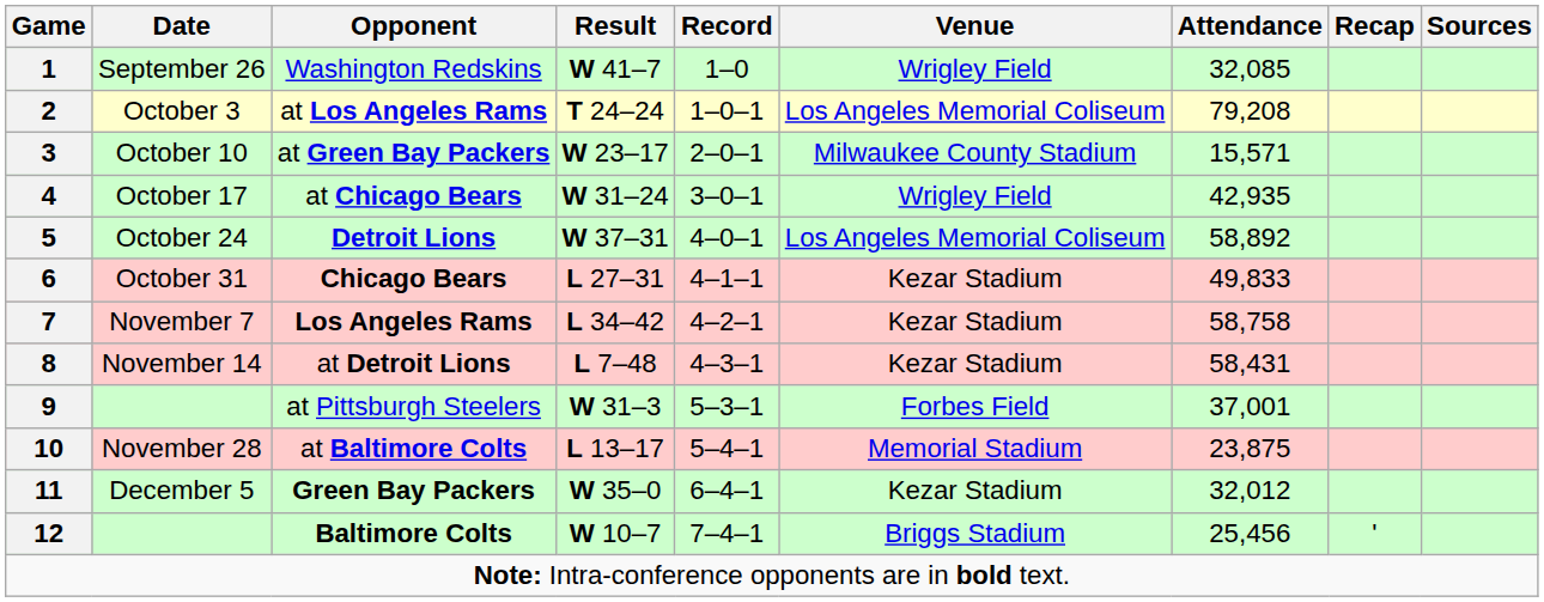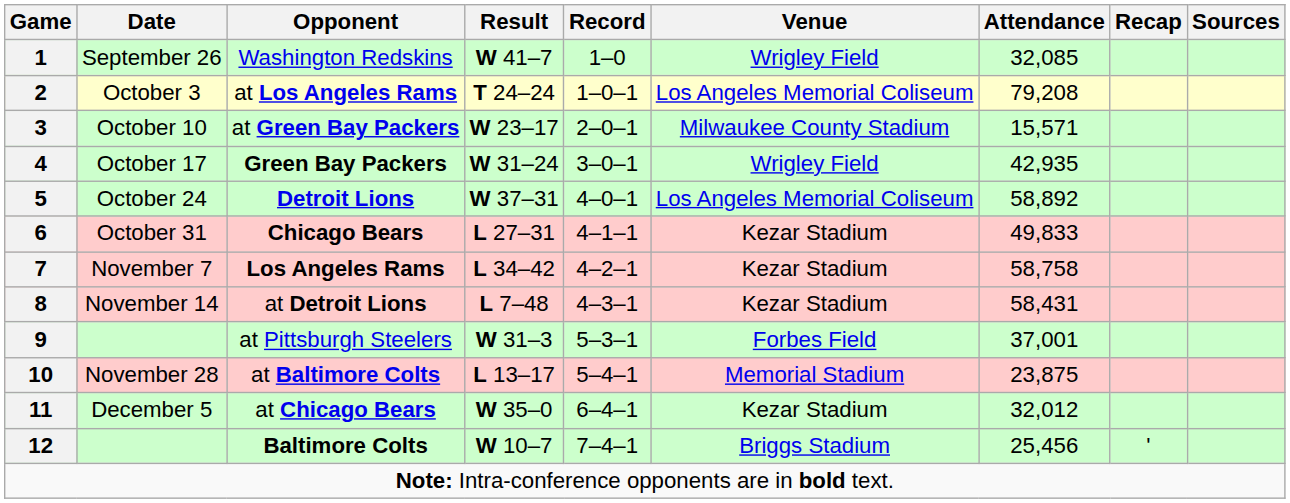 <table class="wikitable" style="text-align:center">
 <tr>
 <th>Game</th>
 <th>Date</th>
 <th>Opponent</th>
 <th>Result</th>
 <th>Record</th>
 <th>Venue</th>
 <th>Attendance</th>
 <th>Recap</th>
 <th>Sources</th>
 </tr>
 <tr style="background:#cfc">
 <th>1</th>
 <td>September 26</td>
 <td><a href='#'>Washington Redskins</a></td>
 <td><strong>W</strong> 41–7</td>
 <td>1–0</td>
 <td><a href='#'>Wrigley Field</a></td>
 <td>32,085</td>
 <td></td>
 <td></td>
 </tr>
 <tr style="background:#ffc">
 <th>2</th>
 <td>October 3</td>
 <td>at <strong><a href='#'>Los Angeles Rams</a></strong></td>
 <td><strong>T</strong> 24–24</td>
 <td>1–0–1</td>
 <td><a href='#'>Los Angeles Memorial Coliseum</a></td>
 <td>79,208</td>
 <td></td>
 <td></td>
 </tr>
 <tr style="background:#cfc">
 <th>3</th>
 <td>October 10</td>
 <td>at <strong><a href='#'>Green Bay Packers</a></strong></td>
 <td><strong>W</strong> 23–17</td>
 <td>2–0–1</td>
 <td><a href='#'>Milwaukee County Stadium</a></td>
 <td>15,571</td>
 <td></td>
 <td></td>
 </tr>
 <tr style="background:#cfc">
 <th>4</th>
 <td>October 17</td>
-<td>at <strong><a href='#'>Chicago Bears</a></strong></td>
+<td><strong>Green Bay Packers</strong></td>
 <td><strong>W</strong> 31–24</td>
 <td>3–0–1</td>
 <td><a href='#'>Wrigley Field</a></td>
 <td>42,935</td>
 <td></td>
 <td></td>
 </tr>
 <tr style="background:#cfc">
 <th>5</th>
 <td>October 24</td>
 <td><strong><a href='#'>Detroit Lions</a></strong></td>
 <td><strong>W</strong> 37–31</td>
 <td>4–0–1</td>
 <td><a href='#'>Los Angeles Memorial Coliseum</a></td>
 <td>58,892</td>
 <td></td>
 <td></td>
 </tr>
 <tr style="background:#fcc">
 <th>6</th>
 <td>October 31</td>
 <td><strong>Chicago Bears</strong></td>
 <td><strong>L</strong> 27–31</td>
 <td>4–1–1</td>
 <td>Kezar Stadium</td>
 <td>49,833</td>
 <td></td>
 <td></td>
 </tr>
 <tr style="background:#fcc">
 <th>7</th>
 <td>November 7</td>
 <td><strong>Los Angeles Rams</strong></td>
 <td><strong>L</strong> 34–42</td>
 <td>4–2–1</td>
 <td>Kezar Stadium</td>
 <td>58,758</td>
 <td></td>
 <td></td>
 </tr>
 <tr style="background:#fcc">
 <th>8</th>
 <td>November 14</td>
 <td>at <strong>Detroit Lions</strong></td>
 <td><strong>L</strong>  7–48</td>
 <td>4–3–1</td>
 <td>Kezar Stadium</td>
 <td>58,431</td>
 <td></td>
 <td></td>
 </tr>
 <tr style="background:#cfc">
 <th>9</th>
 <td></td>
 <td>at <a href='#'>Pittsburgh Steelers</a></td>
 <td><strong>W</strong> 31–3</td>
 <td>5–3–1</td>
 <td><a href='#'>Forbes Field</a></td>
 <td>37,001</td>
 <td></td>
 <td></td>
 </tr>
 <tr style="background:#fcc">
 <th>10</th>
 <td>November 28</td>
 <td>at <strong><a href='#'>Baltimore Colts</a></strong></td>
 <td><strong>L</strong> 13–17</td>
 <td>5–4–1</td>
 <td><a href='#'>Memorial Stadium</a></td>
 <td>23,875</td>
 <td></td>
 <td></td>
 </tr>
 <tr style="background:#cfc">
 <th>11</th>
 <td>December 5</td>
-<td><strong>Green Bay Packers</strong></td>
+<td>at <strong><a href='#'>Chicago Bears</a></strong></td>
 <td><strong>W</strong> 35–0</td>
 <td>6–4–1</td>
 <td>Kezar Stadium</td>
 <td>32,012</td>
 <td></td>
 <td></td>
 </tr>
 <tr style="background:#cfc">
 <th>12</th>
 <td></td>
 <td><strong>Baltimore Colts</strong></td>
 <td><strong>W</strong> 10–7</td>
 <td>7–4–1</td>
 <td><a href='#'>Briggs Stadium</a></td>
 <td>25,456</td>
 <td>'</td>
 <td></td>
 </tr>
 <tr>
 <td colspan="10"><strong>Note:</strong> Intra-conference opponents are in <strong>bold</strong> text.</td>
 </tr>
 </table>
